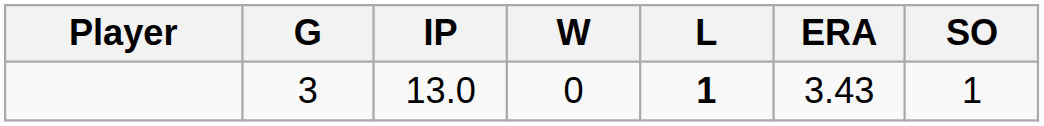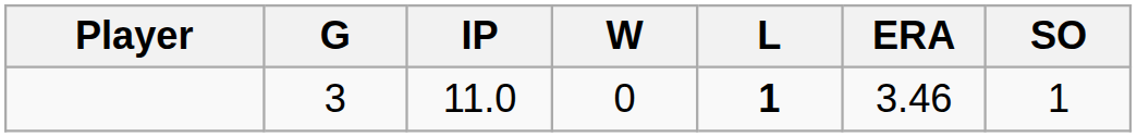 <table class="wikitable sortable">
 <tr>
 <th bgcolor="#DDDDFF" width="16%">Player</th>
 <th bgcolor="#DDDDFF" width="9%">G</th>
 <th bgcolor="#DDDDFF" width="9%">IP</th>
 <th bgcolor="#DDDDFF" width="9%">W</th>
 <th bgcolor="#DDDDFF" width="9%">L</th>
 <th bgcolor="#DDDDFF" width="9%">ERA</th>
 <th bgcolor="#DDDDFF" width="9%">SO</th>
 </tr>
 <tr align="center">
 <td></td>
 <td>3</td>
-<td>13.0</td>
+<td>11.0</td>
 <td>0</td>
 <td><strong>1</strong></td>
-<td>3.43</td>
+<td>3.46</td>
 <td>1</td>
 </tr>
 </table>
